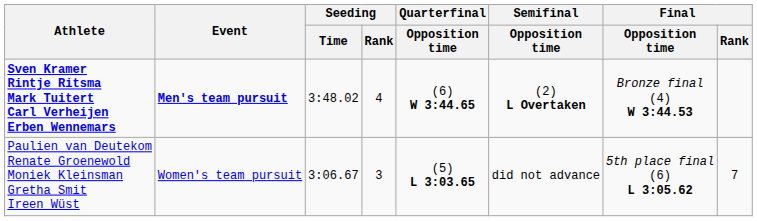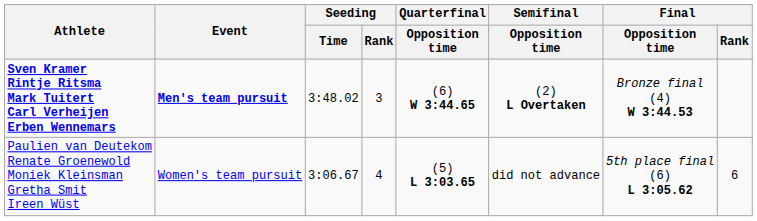 <table class="wikitable" style="font-size:90%">
 <tr>
 <th rowspan="2">Athlete</th>
 <th rowspan="2">Event</th>
 <th colspan="2">Seeding</th>
 <th>Quarterfinal</th>
 <th>Semifinal</th>
 <th colspan="2">Final</th>
 </tr>
 <tr>
 <th>Time</th>
 <th>Rank</th>
 <th>Opposition<br>time</th>
 <th>Opposition<br>time</th>
 <th>Opposition<br>time</th>
 <th>Rank</th>
 </tr>
 <tr>
 <td><strong><a href='#'>Sven Kramer</a><br><a href='#'>Rintje Ritsma</a><br><a href='#'>Mark Tuitert</a><br><a href='#'>Carl Verheijen</a><br><a href='#'>Erben Wennemars</a></strong></td>
 <td><strong><a href='#'>Men's team pursuit</a></strong></td>
 <td align="center">3:48.02</td>
-<td align="center">4</td>
+<td align="center">3</td>
 <td align="center"> (6)<br><strong>W</strong> <strong>3:44.65</strong></td>
 <td align="center"> (2)<br><strong>L</strong> <strong>Overtaken</strong></td>
 <td align="center"><em>Bronze final</em> <br> (4)<br><strong>W</strong> <strong>3:44.53</strong></td>
 <td align="center"></td>
 </tr>
 <tr>
 <td><a href='#'>Paulien van Deutekom</a><br><a href='#'>Renate Groenewold</a><br><a href='#'>Moniek Kleinsman</a><br><a href='#'>Gretha Smit</a><br><a href='#'>Ireen Wüst</a></td>
 <td><a href='#'>Women's team pursuit</a></td>
 <td align="center">3:06.67</td>
-<td align="center">3</td>
+<td align="center">4</td>
 <td align="center"> (5)<br><strong>L</strong> <strong>3:03.65</strong></td>
 <td align="center">did not advance</td>
 <td align="center"><em>5th place final</em> <br> (6)<br><strong>L</strong> <strong>3:05.62</strong></td>
-<td align="center">7</td>
+<td align="center">6</td>
 </tr>
 </table>
